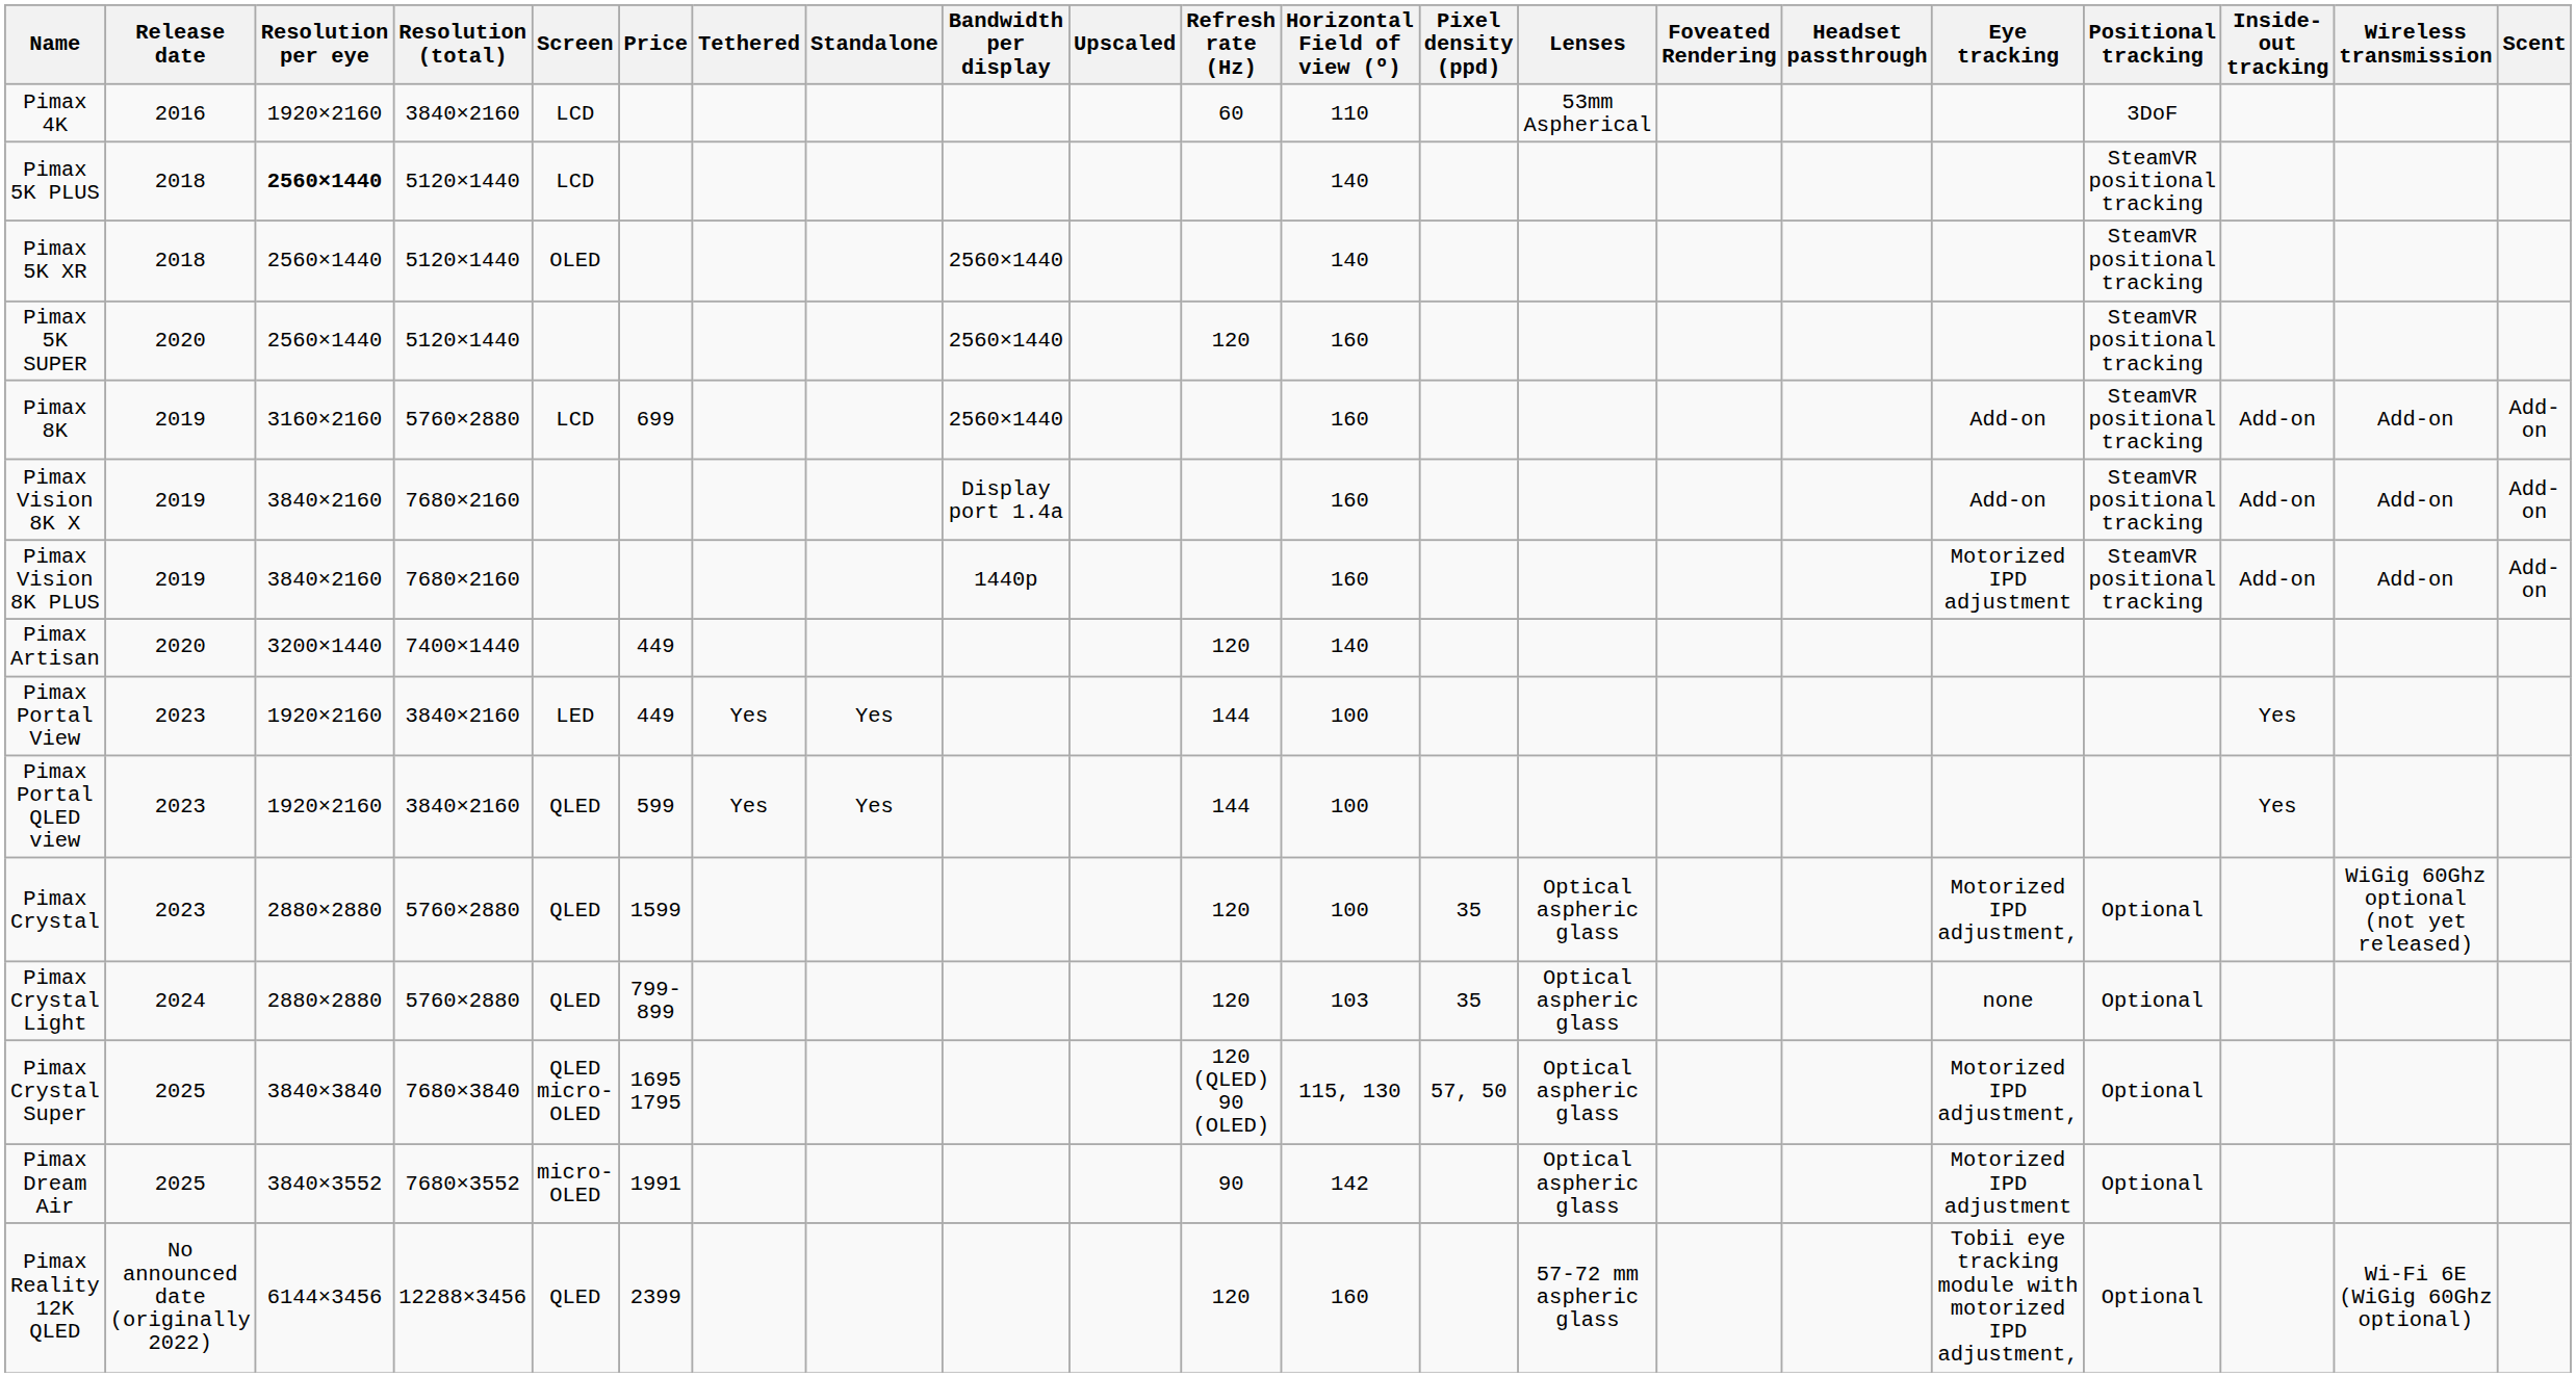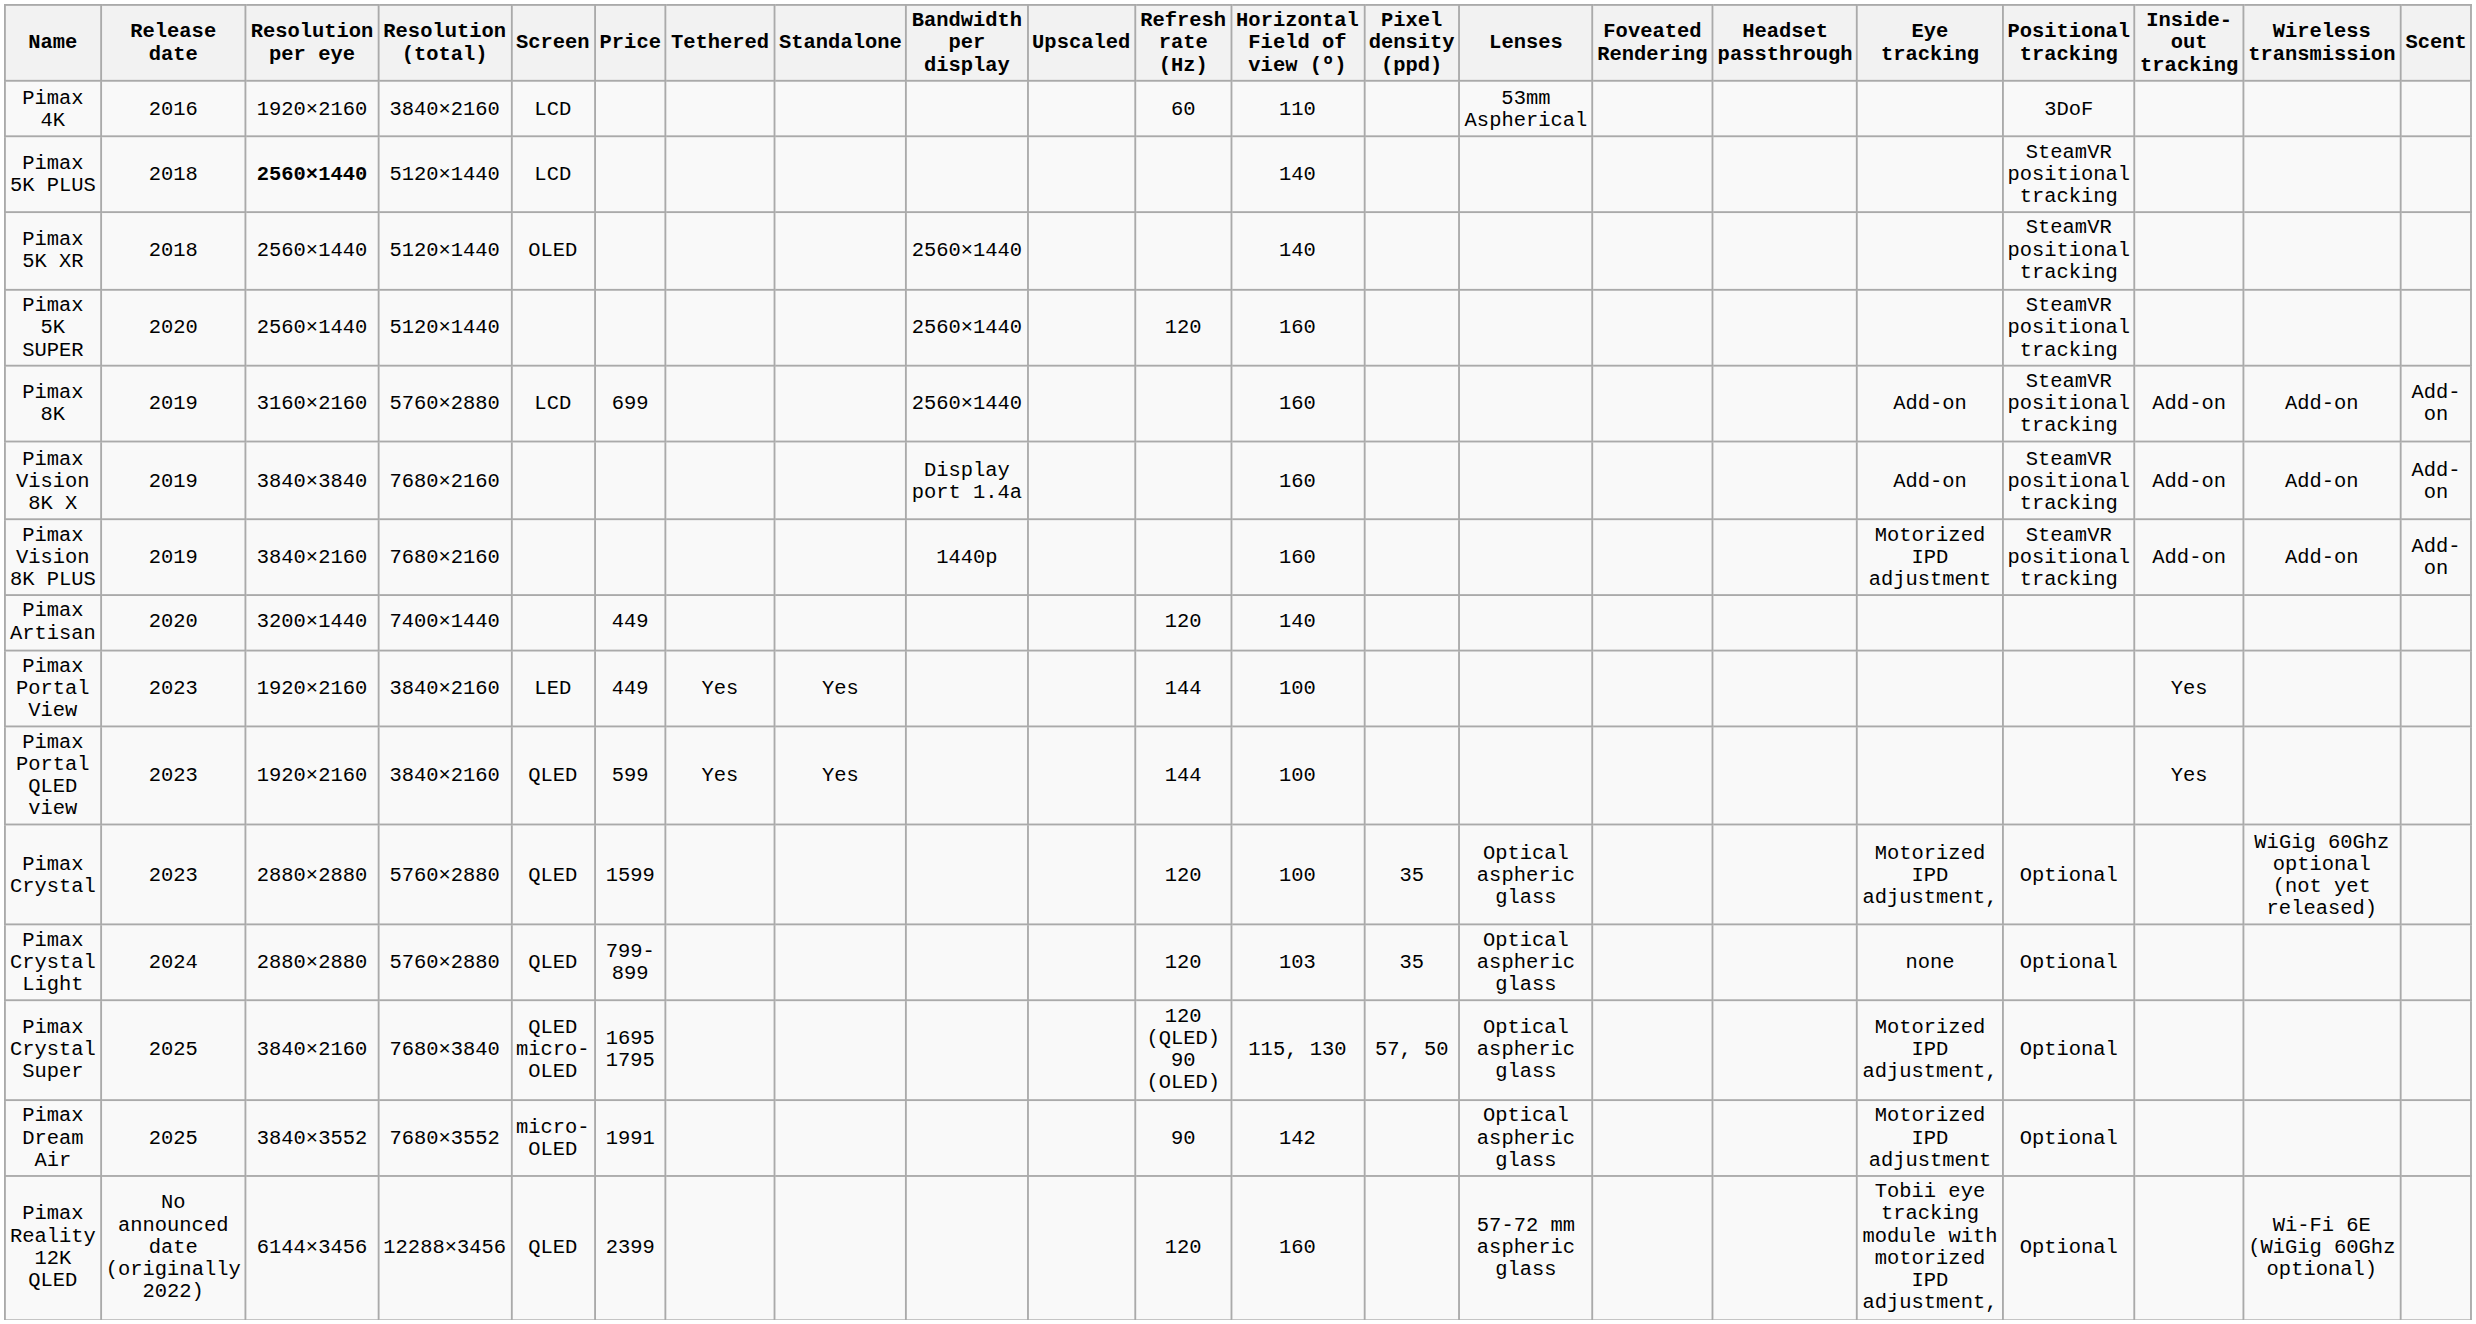 <table class="wikitable sortable" border="1" style="font-size: 85%;  text-align:center; whitespace: nowrap;">
 <tr>
 <th>Name</th>
 <th>Release date</th>
 <th>Resolution per eye</th>
 <th>Resolution (total)</th>
 <th>Screen</th>
 <th>Price</th>
 <th>Tethered</th>
 <th>Standalone</th>
 <th>Bandwidth per display</th>
 <th>Upscaled</th>
 <th>Refresh rate (Hz)</th>
 <th>Horizontal Field of view (º)</th>
 <th>Pixel density (ppd)</th>
 <th>Lenses</th>
 <th>Foveated Rendering</th>
 <th>Headset passthrough</th>
 <th>Eye tracking</th>
 <th>Positional tracking</th>
 <th>Inside-out tracking</th>
 <th>Wireless transmission</th>
 <th>Scent</th>
 </tr>
 <tr>
 <td>Pimax 4K</td>
 <td>2016</td>
 <td>1920×2160</td>
 <td>3840×2160</td>
 <td>LCD</td>
 <td></td>
 <td></td>
 <td></td>
 <td></td>
 <td></td>
 <td>60</td>
 <td>110</td>
 <td></td>
 <td>53mm Aspherical</td>
 <td></td>
 <td></td>
 <td></td>
 <td>3DoF</td>
 <td></td>
 <td></td>
 <td></td>
 </tr>
 <tr>
 <td>Pimax 5K PLUS</td>
 <td>2018</td>
 <td><strong>2560×1440</strong></td>
 <td>5120×1440</td>
 <td>LCD</td>
 <td></td>
 <td></td>
 <td></td>
 <td></td>
 <td></td>
 <td></td>
 <td>140</td>
 <td></td>
 <td></td>
 <td></td>
 <td></td>
 <td></td>
 <td>SteamVR positional tracking</td>
 <td></td>
 <td></td>
 <td></td>
 </tr>
 <tr>
 <td>Pimax 5K XR</td>
 <td>2018</td>
 <td>2560×1440</td>
 <td>5120×1440</td>
 <td>OLED</td>
 <td></td>
 <td></td>
 <td></td>
 <td>2560×1440</td>
 <td></td>
 <td></td>
 <td>140</td>
 <td></td>
 <td></td>
 <td></td>
 <td></td>
 <td></td>
 <td>SteamVR positional tracking</td>
 <td></td>
 <td></td>
 <td></td>
 </tr>
 <tr>
 <td>Pimax 5K SUPER</td>
 <td>2020</td>
 <td>2560×1440</td>
 <td>5120×1440</td>
 <td></td>
 <td></td>
 <td></td>
 <td></td>
 <td>2560×1440</td>
 <td></td>
 <td>120</td>
 <td>160</td>
 <td></td>
 <td></td>
 <td></td>
 <td></td>
 <td></td>
 <td>SteamVR positional tracking</td>
 <td></td>
 <td></td>
 <td></td>
 </tr>
 <tr>
 <td>Pimax 8K</td>
 <td>2019</td>
 <td>3160×2160</td>
 <td>5760×2880</td>
 <td>LCD</td>
 <td>699</td>
 <td></td>
 <td></td>
 <td>2560×1440</td>
 <td></td>
 <td></td>
 <td>160</td>
 <td></td>
 <td></td>
 <td></td>
 <td></td>
 <td>Add-on</td>
 <td>SteamVR positional tracking</td>
 <td>Add-on</td>
 <td>Add-on</td>
 <td>Add-on</td>
 </tr>
 <tr>
 <td>Pimax Vision 8K X</td>
 <td>2019</td>
-<td>3840×2160</td>
+<td>3840×3840</td>
 <td>7680×2160</td>
 <td></td>
 <td></td>
 <td></td>
 <td></td>
 <td>Display port 1.4a</td>
 <td></td>
 <td></td>
 <td>160</td>
 <td></td>
 <td></td>
 <td></td>
 <td></td>
 <td>Add-on</td>
 <td>SteamVR positional tracking</td>
 <td>Add-on</td>
 <td>Add-on</td>
 <td>Add-on</td>
 </tr>
 <tr>
 <td>Pimax Vision 8K PLUS</td>
 <td>2019</td>
 <td>3840×2160</td>
 <td>7680×2160</td>
 <td></td>
 <td></td>
 <td></td>
 <td></td>
 <td>1440p</td>
 <td></td>
 <td></td>
 <td>160</td>
 <td></td>
 <td></td>
 <td></td>
 <td></td>
 <td>Motorized IPD adjustment</td>
 <td>SteamVR positional tracking</td>
 <td>Add-on</td>
 <td>Add-on</td>
 <td>Add-on</td>
 </tr>
 <tr>
 <td>Pimax Artisan</td>
 <td>2020</td>
 <td>3200×1440</td>
 <td>7400×1440</td>
 <td></td>
 <td>449</td>
 <td></td>
 <td></td>
 <td></td>
 <td></td>
 <td>120</td>
 <td>140</td>
 <td></td>
 <td></td>
 <td></td>
 <td></td>
 <td></td>
 <td></td>
 <td></td>
 <td></td>
 <td></td>
 </tr>
 <tr>
 <td>Pimax Portal View</td>
 <td>2023</td>
 <td>1920×2160</td>
 <td>3840×2160</td>
 <td>LED</td>
 <td>449</td>
 <td>Yes</td>
 <td>Yes</td>
 <td></td>
 <td></td>
 <td>144</td>
 <td>100</td>
 <td></td>
 <td></td>
 <td></td>
 <td></td>
 <td></td>
 <td></td>
 <td>Yes</td>
 <td></td>
 <td></td>
 </tr>
 <tr>
 <td>Pimax Portal QLED view</td>
 <td>2023</td>
 <td>1920×2160</td>
 <td>3840×2160</td>
 <td>QLED</td>
 <td>599</td>
 <td>Yes</td>
 <td>Yes</td>
 <td></td>
 <td></td>
 <td>144</td>
 <td>100</td>
 <td></td>
 <td></td>
 <td></td>
 <td></td>
 <td></td>
 <td></td>
 <td>Yes</td>
 <td></td>
 <td></td>
 </tr>
 <tr>
 <td>Pimax Crystal</td>
 <td>2023</td>
 <td>2880×2880</td>
 <td>5760×2880</td>
 <td>QLED</td>
 <td>1599</td>
 <td></td>
 <td></td>
 <td></td>
 <td></td>
 <td>120</td>
 <td>100</td>
 <td>35</td>
 <td>Optical aspheric glass</td>
 <td></td>
 <td></td>
 <td>Motorized IPD adjustment,</td>
 <td>Optional</td>
 <td></td>
 <td>WiGig 60Ghz optional (not yet released)</td>
 <td></td>
 </tr>
 <tr>
 <td>Pimax Crystal Light</td>
 <td>2024</td>
 <td>2880×2880</td>
 <td>5760×2880</td>
 <td>QLED</td>
 <td>799-899</td>
 <td></td>
 <td></td>
 <td></td>
 <td></td>
 <td>120</td>
 <td>103</td>
 <td>35</td>
 <td>Optical aspheric glass</td>
 <td></td>
 <td></td>
 <td>none</td>
 <td>Optional</td>
 <td></td>
 <td></td>
 <td></td>
 </tr>
 <tr>
 <td>Pimax Crystal Super</td>
 <td>2025</td>
-<td>3840×3840</td>
+<td>3840×2160</td>
 <td>7680×3840</td>
 <td>QLED<br>micro-OLED</td>
 <td>1695<br> 1795</td>
 <td></td>
 <td></td>
 <td></td>
 <td></td>
 <td>120 (QLED)<br>90 (OLED)</td>
 <td>115, 130</td>
 <td>57, 50</td>
 <td>Optical aspheric glass</td>
 <td></td>
 <td></td>
 <td>Motorized IPD adjustment,</td>
 <td>Optional</td>
 <td></td>
 <td></td>
 <td></td>
 </tr>
 <tr>
 <td>Pimax Dream Air</td>
 <td>2025</td>
 <td>3840×3552</td>
 <td>7680×3552</td>
 <td>micro-OLED</td>
 <td>1991</td>
 <td></td>
 <td></td>
 <td></td>
 <td></td>
 <td>90</td>
 <td>142</td>
 <td></td>
 <td>Optical aspheric glass</td>
 <td></td>
 <td></td>
 <td>Motorized IPD adjustment</td>
 <td>Optional</td>
 <td></td>
 <td></td>
 <td></td>
 </tr>
 <tr>
 <td>Pimax Reality 12K QLED</td>
 <td>No announced date (originally 2022)</td>
 <td>6144×3456</td>
 <td>12288×3456</td>
 <td>QLED</td>
 <td>2399</td>
 <td></td>
 <td></td>
 <td></td>
 <td></td>
 <td>120</td>
 <td>160</td>
 <td></td>
 <td>57-72 mm aspheric glass</td>
 <td></td>
 <td></td>
 <td>Tobii eye tracking module with motorized IPD adjustment,</td>
 <td>Optional</td>
 <td></td>
 <td>Wi-Fi 6E (WiGig 60Ghz optional)</td>
 </tr>
 </table>
